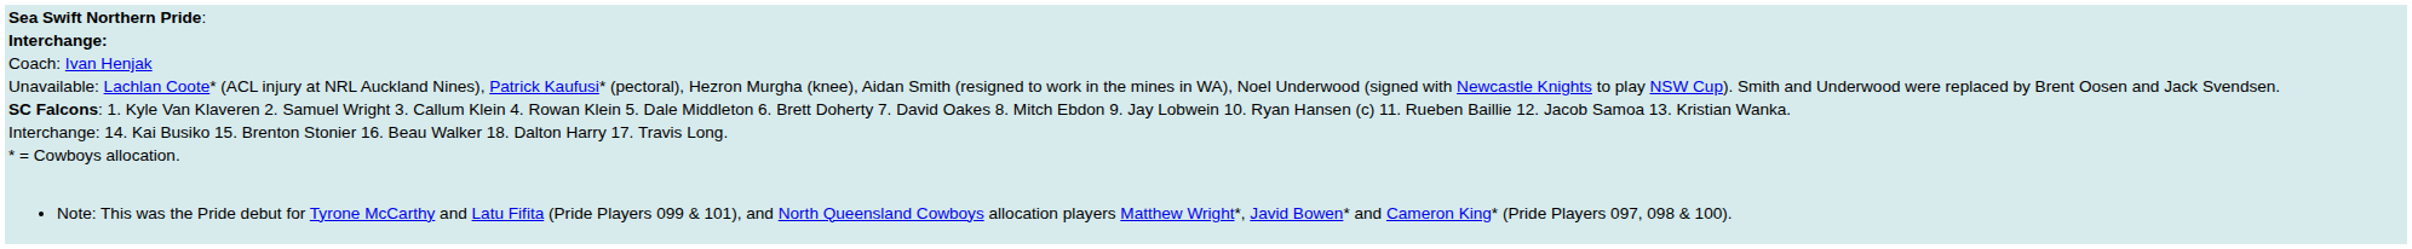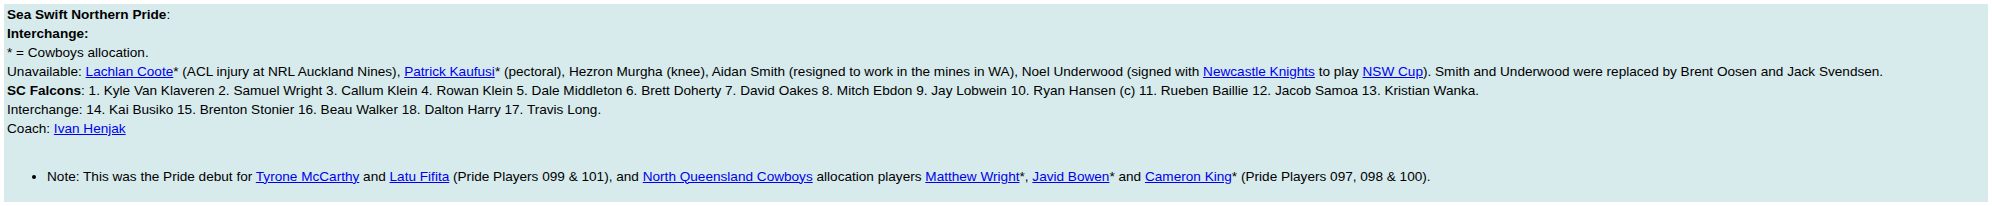 <table style="background:#d7ebed; font-size:85%; width:100%;">
 <tr>
 <td><strong>Sea Swift Northern Pride</strong>:             </td>
 </tr>
 <tr>
 <td><strong>Interchange:    </strong></td>
 </tr>
 <tr>
-<td>Coach: <a href='#'>Ivan Henjak</a></td>
+<td>* = Cowboys allocation.</td>
 </tr>
 <tr>
 <td>Unavailable: <a href='#'>Lachlan Coote</a>* (ACL injury at NRL Auckland Nines), <a href='#'>Patrick Kaufusi</a>* (pectoral), Hezron Murgha (knee), Aidan Smith (resigned to work in the mines in WA), Noel Underwood (signed with <a href='#'>Newcastle Knights</a> to play <a href='#'>NSW Cup</a>). Smith and Underwood were replaced by Brent Oosen and Jack Svendsen.</td>
 </tr>
 <tr>
 <td><strong>SC Falcons</strong>: 1. Kyle Van Klaveren 2. Samuel Wright 3. Callum Klein 4. Rowan Klein 5. Dale Middleton 6. Brett Doherty 7. David Oakes 8. Mitch Ebdon 9. Jay Lobwein 10. Ryan Hansen (c) 11. Rueben Baillie 12. Jacob Samoa 13. Kristian Wanka.</td>
 </tr>
 <tr>
 <td>Interchange: 14. Kai Busiko 15. Brenton Stonier 16. Beau Walker 18. Dalton Harry 17. Travis Long.</td>
 </tr>
 <tr>
-<td>* = Cowboys allocation.</td>
+<td>Coach: <a href='#'>Ivan Henjak</a></td>
 </tr>
 <tr>
 <td><br><ul><li>Note: This was the Pride debut for <a href='#'>Tyrone McCarthy</a> and <a href='#'>Latu Fifita</a> (Pride Players 099 & 101), and <a href='#'>North Queensland Cowboys</a> allocation players <a href='#'>Matthew Wright</a>*, <a href='#'>Javid Bowen</a>* and <a href='#'>Cameron King</a>* (Pride Players 097, 098 & 100).</li></ul></td>
 </tr>
 <tr>
 </tr>
 </table>
